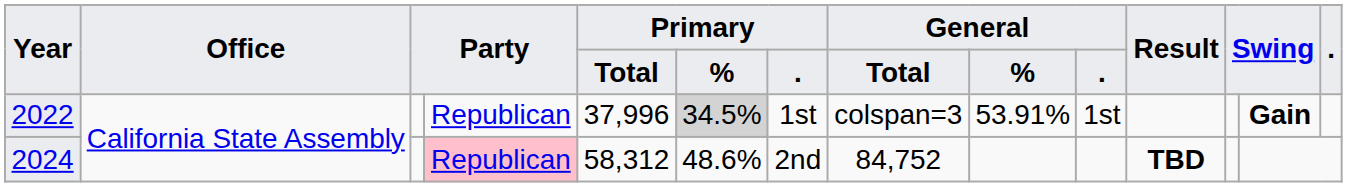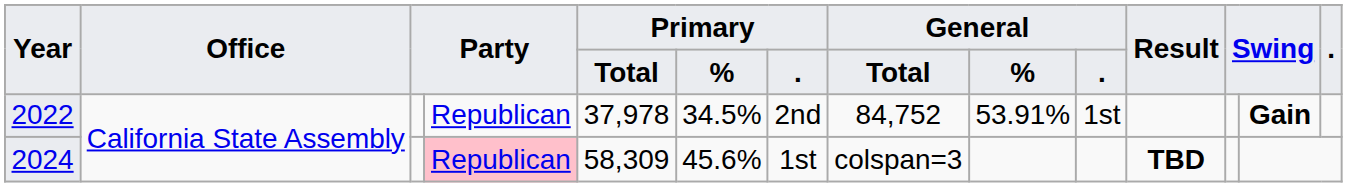 <table class="wikitable" style="font-size:90%; text-align:center;">
 <tr>
 <th style="background-color:#EAECF0;" rowspan=2>Year</th>
 <th style="background-color:#EAECF0;" rowspan=2>Office</th>
 <th style="background-color:#EAECF0;" colspan=2 rowspan=2>Party</th>
 <th style="background-color:#EAECF0;" colspan=3>Primary</th>
 <th style="background-color:#EAECF0;" colspan=3>General</th>
 <th style="background-color:#EAECF0;" rowspan=2>Result</th>
 <th style="background-color:#EAECF0;" colspan=2 rowspan=2><a href='#'>Swing</a></th>
 <th style="background-color:#EAECF0;" rowspan=2>.</th>
 </tr>
 <tr>
 <th style="background-color:#EAECF0;">Total</th>
 <th style="background-color:#EAECF0;">%</th>
 <th style="background-color:#EAECF0;">.</th>
 <th style="background-color:#EAECF0;">Total</th>
 <th style="background-color:#EAECF0;">%</th>
 <th style="background-color:#EAECF0;">.</th>
 </tr>
 <tr>
 <td style="background-color:#EAECF0;"><a href='#'>2022</a></td>
 <td rowspan=2><a href='#'>California State Assembly</a></td>
 <td style="background-color:"></td>
 <td><a href='#'>Republican</a></td>
-<td>37,996</td>
-<td style="background: lightgrey;">34.5%</td>
-<td>1st</td>
-<td>colspan=3 </td>
+<td>37,978</td>
+<td>34.5%</td>
+<td>2nd</td>
+<td>84,752</td>
 <td>53.91%</td>
 <td>1st</td>
 <td></td>
 <td style="background-color:"></td>
 <td><strong>Gain</strong></td>
 <td></td>
 </tr>
 <tr>
 <td style="background-color:#EAECF0;"><a href='#'>2024</a></td>
 <td style="background-color:"></td>
 <td style="background: pink;"><a href='#'>Republican</a></td>
-<td>58,312</td>
-<td>48.6%</td>
-<td>2nd</td>
-<td>84,752</td>
+<td>58,309</td>
+<td>45.6%</td>
+<td>1st</td>
+<td>colspan=3 </td>
 <td></td>
 <td style="background-color:"></td>
 <td><strong>TBD</strong></td>
 <td></td>
 </tr>
 </table>
